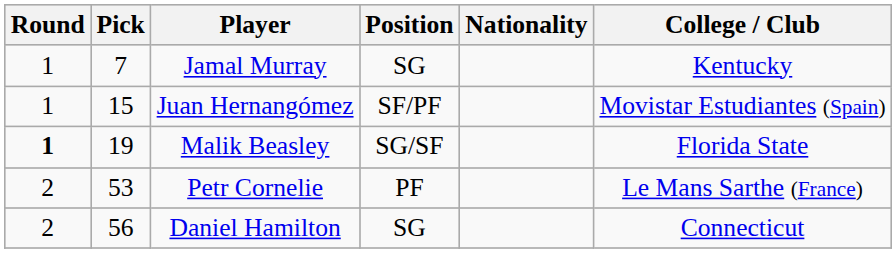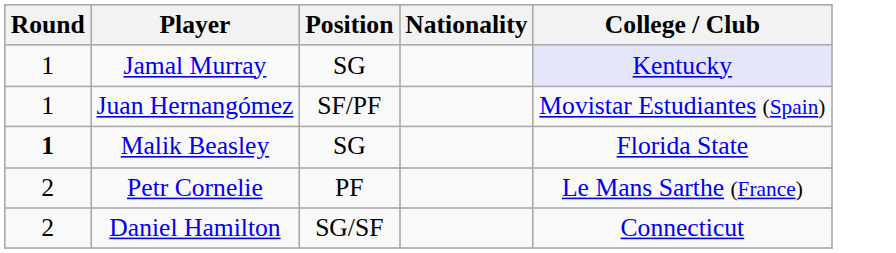 <table class="wikitable sortable sortable">
 <tr>
 <th>Round</th>
-<th>Pick</th>
 <th>Player</th>
 <th>Position</th>
 <th>Nationality</th>
 <th>College / Club</th>
 </tr>
 <tr style="text-align: center">
 <td>1</td>
-<td>7</td>
 <td><a href='#'>Jamal Murray</a></td>
 <td>SG</td>
 <td></td>
-<td><a href='#'>Kentucky</a></td>
+<td style="background: lavender;"><a href='#'>Kentucky</a></td>
 </tr>
 <tr style="text-align: center">
 <td>1</td>
-<td>15</td>
 <td><a href='#'>Juan Hernangómez</a></td>
 <td>SF/PF</td>
 <td></td>
 <td><a href='#'>Movistar Estudiantes</a> <small>(<a href='#'>Spain</a>)</small></td>
 </tr>
 <tr style="text-align: center">
 <td><strong>1</strong></td>
-<td>19</td>
 <td><a href='#'>Malik Beasley</a></td>
-<td>SG/SF</td>
+<td>SG</td>
 <td></td>
 <td><a href='#'>Florida State</a></td>
 </tr>
 <tr style="text-align: center">
 <td>2</td>
-<td>53</td>
 <td><a href='#'>Petr Cornelie</a></td>
 <td>PF</td>
 <td></td>
 <td><a href='#'>Le Mans Sarthe</a> <small>(<a href='#'>France</a>)</small></td>
 </tr>
 <tr style="text-align: center">
 <td>2</td>
-<td>56</td>
 <td><a href='#'>Daniel Hamilton</a></td>
-<td>SG</td>
+<td>SG/SF</td>
 <td></td>
 <td><a href='#'>Connecticut</a></td>
 </tr>
 </table>
